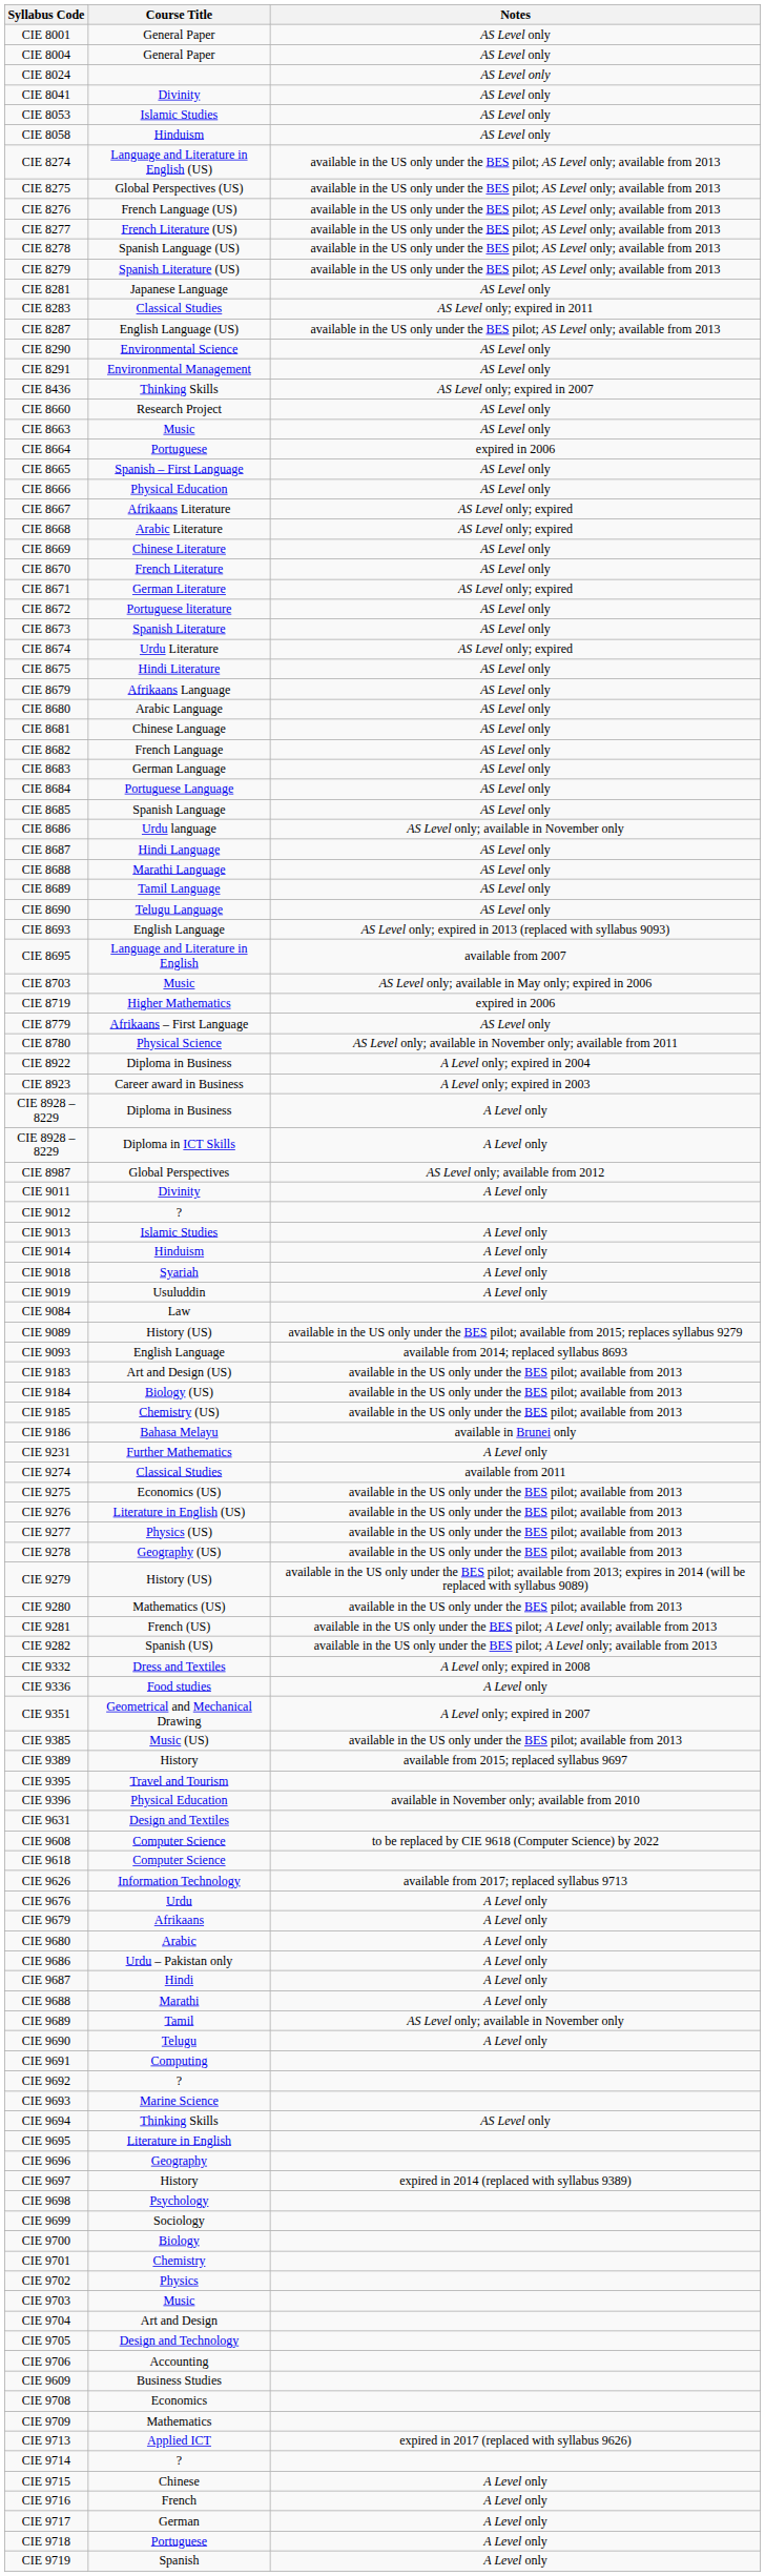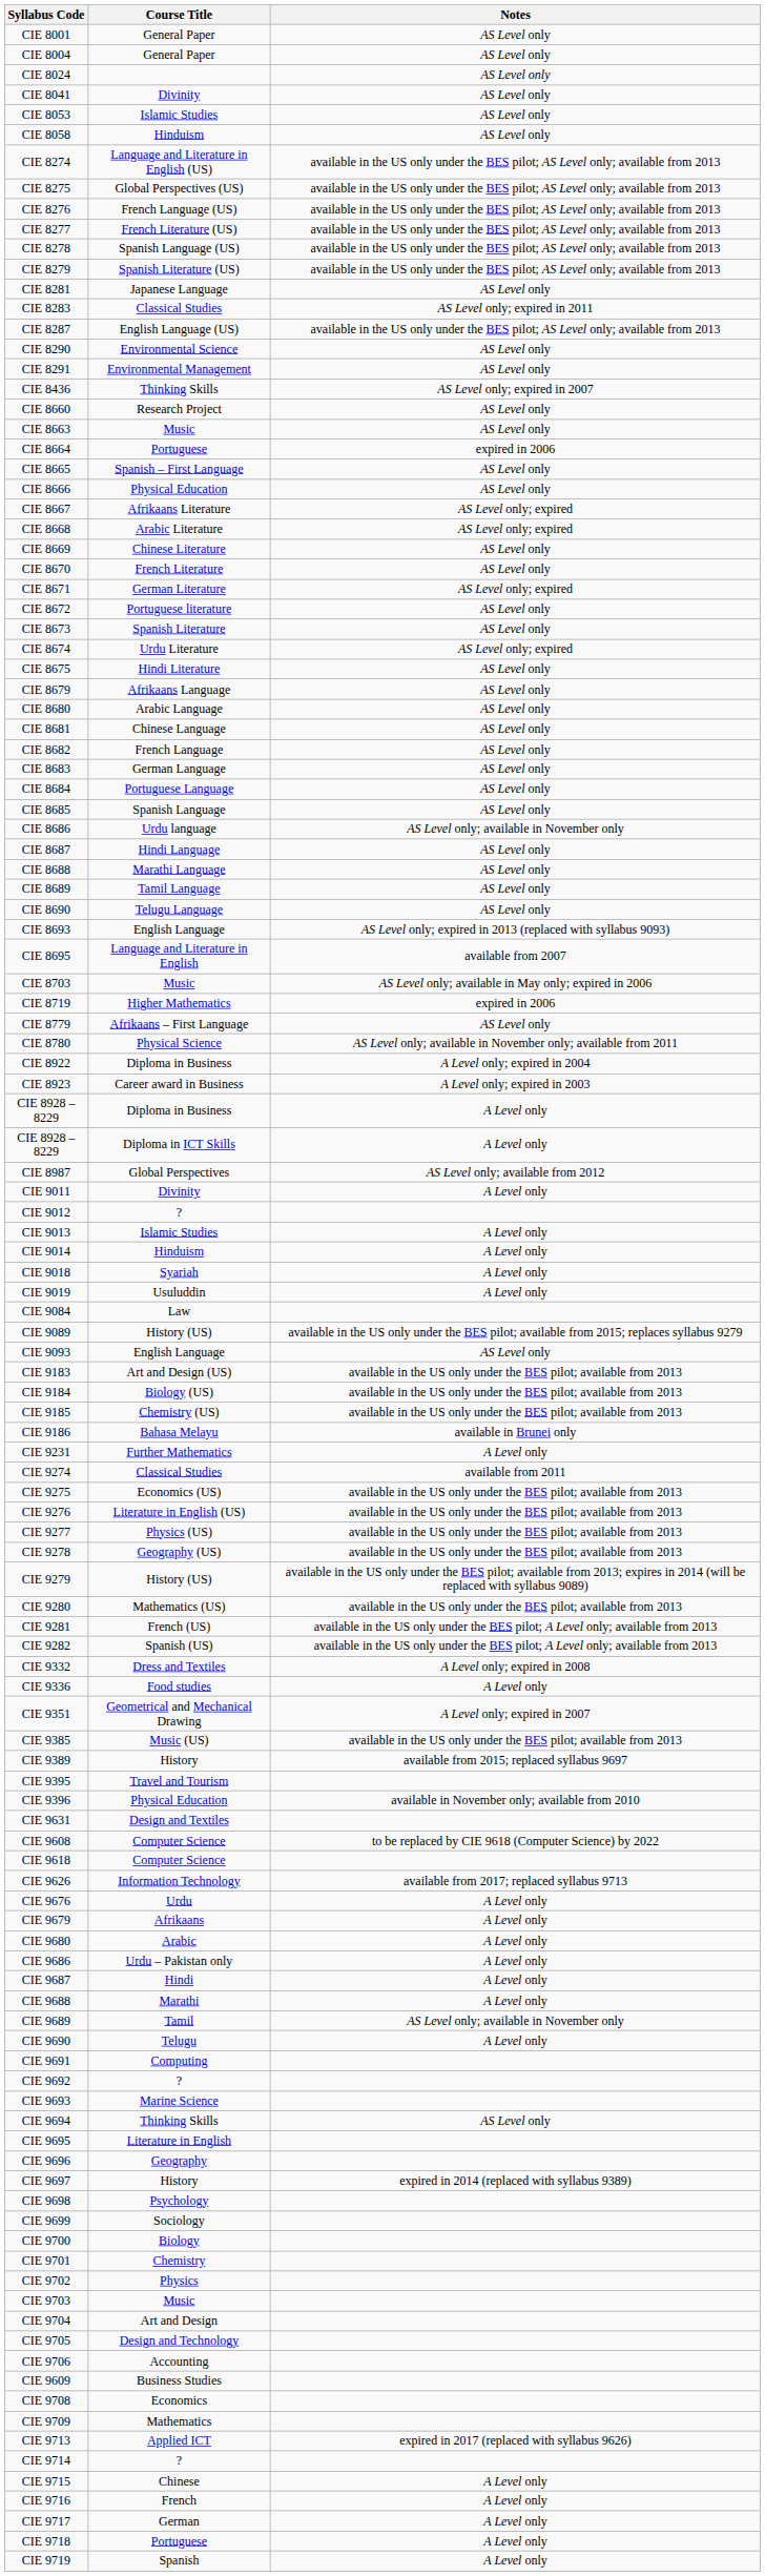 <table class="wikitable sortable" style="text-align:center; align: center; width: 60em; font-size: 100%; border: 2">
 <tr>
 <th>Syllabus Code</th>
 <th>Course Title</th>
 <th>Notes</th>
 </tr>
 <tr>
 <td>CIE 8001</td>
 <td>General Paper</td>
 <td><em>AS Level</em> only</td>
 </tr>
 <tr>
 <td>CIE 8004</td>
 <td>General Paper</td>
 <td><em>AS Level</em> only</td>
 </tr>
 <tr>
 <td>CIE 8024</td>
 <td></td>
 <td><em>AS Level only</em></td>
 </tr>
 <tr>
 <td>CIE 8041</td>
 <td><a href='#'>Divinity</a></td>
 <td><em>AS Level</em> only</td>
 </tr>
 <tr>
 <td>CIE 8053</td>
 <td><a href='#'>Islamic Studies</a></td>
 <td><em>AS Level</em> only</td>
 </tr>
 <tr>
 <td>CIE 8058</td>
 <td><a href='#'>Hinduism</a></td>
 <td><em>AS Level</em> only</td>
 </tr>
 <tr>
 <td>CIE 8274</td>
 <td><a href='#'>Language and Literature in English</a> (US)</td>
 <td>available in the US only under the <a href='#'>BES</a> pilot; <em>AS Level</em> only; available from 2013</td>
 </tr>
 <tr>
 <td>CIE 8275</td>
 <td>Global Perspectives (US)</td>
 <td>available in the US only under the <a href='#'>BES</a> pilot; <em>AS Level</em> only; available from 2013</td>
 </tr>
 <tr>
 <td>CIE 8276</td>
 <td>French Language (US)</td>
 <td>available in the US only under the <a href='#'>BES</a> pilot; <em>AS Level</em> only; available from 2013</td>
 </tr>
 <tr>
 <td>CIE 8277</td>
 <td><a href='#'>French Literature</a> (US)</td>
 <td>available in the US only under the <a href='#'>BES</a> pilot; <em>AS Level</em> only; available from 2013</td>
 </tr>
 <tr>
 <td>CIE 8278</td>
 <td>Spanish Language (US)</td>
 <td>available in the US only under the <a href='#'>BES</a> pilot; <em>AS Level</em> only; available from 2013</td>
 </tr>
 <tr>
 <td>CIE 8279</td>
 <td><a href='#'>Spanish Literature</a> (US)</td>
 <td>available in the US only under the <a href='#'>BES</a> pilot; <em>AS Level</em> only; available from 2013</td>
 </tr>
 <tr>
 <td>CIE 8281</td>
 <td>Japanese Language</td>
 <td><em>AS Level</em> only</td>
 </tr>
 <tr>
 <td>CIE 8283</td>
 <td><a href='#'>Classical Studies</a></td>
 <td><em>AS Level</em> only; expired in 2011</td>
 </tr>
 <tr>
 <td>CIE 8287</td>
 <td>English Language (US)</td>
 <td>available in the US only under the <a href='#'>BES</a> pilot; <em>AS Level</em> only; available from 2013</td>
 </tr>
 <tr>
 <td>CIE 8290</td>
 <td><a href='#'>Environmental Science</a></td>
 <td><em>AS Level</em> only</td>
 </tr>
 <tr>
 <td>CIE 8291</td>
 <td><a href='#'>Environmental Management</a></td>
 <td><em>AS Level</em> only</td>
 </tr>
 <tr>
 <td>CIE 8436</td>
 <td><a href='#'>Thinking</a> Skills</td>
 <td><em>AS Level</em> only; expired in 2007</td>
 </tr>
 <tr>
 <td>CIE 8660</td>
 <td>Research Project</td>
 <td><em>AS Level</em> only</td>
 </tr>
 <tr>
 <td>CIE 8663</td>
 <td><a href='#'>Music</a></td>
 <td><em>AS Level</em> only</td>
 </tr>
 <tr>
 <td>CIE 8664</td>
 <td><a href='#'>Portuguese</a></td>
 <td>expired in 2006</td>
 </tr>
 <tr>
 <td>CIE 8665</td>
 <td><a href='#'>Spanish – First Language</a></td>
 <td><em>AS Level</em> only</td>
 </tr>
 <tr>
 <td>CIE 8666</td>
 <td><a href='#'>Physical Education</a></td>
 <td><em>AS Level</em> only</td>
 </tr>
 <tr>
 <td>CIE 8667</td>
 <td><a href='#'>Afrikaans</a> Literature</td>
 <td><em>AS Level</em> only; expired</td>
 </tr>
 <tr>
 <td>CIE 8668</td>
 <td><a href='#'>Arabic</a> Literature</td>
 <td><em>AS Level</em> only; expired</td>
 </tr>
 <tr>
 <td>CIE 8669</td>
 <td><a href='#'>Chinese Literature</a></td>
 <td><em>AS Level</em> only</td>
 </tr>
 <tr>
 <td>CIE 8670</td>
 <td><a href='#'>French Literature</a></td>
 <td><em>AS Level</em> only</td>
 </tr>
 <tr>
 <td>CIE 8671</td>
 <td><a href='#'>German Literature</a></td>
 <td><em>AS Level</em> only; expired</td>
 </tr>
 <tr>
 <td>CIE 8672</td>
 <td><a href='#'>Portuguese literature</a></td>
 <td><em>AS Level</em> only</td>
 </tr>
 <tr>
 <td>CIE 8673</td>
 <td><a href='#'>Spanish Literature</a></td>
 <td><em>AS Level</em> only</td>
 </tr>
 <tr>
 <td>CIE 8674</td>
 <td><a href='#'>Urdu</a> Literature</td>
 <td><em>AS Level</em> only; expired</td>
 </tr>
 <tr>
 <td>CIE 8675</td>
 <td><a href='#'>Hindi Literature</a></td>
 <td><em>AS Level</em> only</td>
 </tr>
 <tr>
 <td>CIE 8679</td>
 <td><a href='#'>Afrikaans</a> Language</td>
 <td><em>AS Level</em> only</td>
 </tr>
 <tr>
 <td>CIE 8680</td>
 <td>Arabic Language</td>
 <td><em>AS Level</em> only</td>
 </tr>
 <tr>
 <td>CIE 8681</td>
 <td>Chinese Language</td>
 <td><em>AS Level</em> only</td>
 </tr>
 <tr>
 <td>CIE 8682</td>
 <td>French Language</td>
 <td><em>AS Level</em> only</td>
 </tr>
 <tr>
 <td>CIE 8683</td>
 <td>German Language</td>
 <td><em>AS Level</em> only</td>
 </tr>
 <tr>
 <td>CIE 8684</td>
 <td><a href='#'>Portuguese Language</a></td>
 <td><em>AS Level</em> only</td>
 </tr>
 <tr>
 <td>CIE 8685</td>
 <td>Spanish Language</td>
 <td><em>AS Level</em> only</td>
 </tr>
 <tr>
 <td>CIE 8686</td>
 <td><a href='#'>Urdu</a> language</td>
 <td><em>AS Level</em> only; available in November only</td>
 </tr>
 <tr>
 <td>CIE 8687</td>
 <td><a href='#'>Hindi Language</a></td>
 <td><em>AS Level</em> only</td>
 </tr>
 <tr>
 <td>CIE 8688</td>
 <td><a href='#'>Marathi Language</a></td>
 <td><em>AS Level</em> only</td>
 </tr>
 <tr>
 <td>CIE 8689</td>
 <td><a href='#'>Tamil Language</a></td>
 <td><em>AS Level</em> only</td>
 </tr>
 <tr>
 <td>CIE 8690</td>
 <td><a href='#'>Telugu Language</a></td>
 <td><em>AS Level</em> only</td>
 </tr>
 <tr>
 <td>CIE 8693</td>
 <td>English Language</td>
 <td><em>AS Level</em> only; expired in 2013 (replaced with syllabus 9093)</td>
 </tr>
 <tr>
 <td>CIE 8695</td>
 <td><a href='#'>Language and Literature in English</a></td>
 <td>available from 2007</td>
 </tr>
 <tr>
 <td>CIE 8703</td>
 <td><a href='#'>Music</a></td>
 <td><em>AS Level</em> only; available in May only; expired in 2006</td>
 </tr>
 <tr>
 <td>CIE 8719</td>
 <td><a href='#'>Higher Mathematics</a></td>
 <td>expired in 2006</td>
 </tr>
 <tr>
 <td>CIE 8779</td>
 <td><a href='#'>Afrikaans</a> – First Language</td>
 <td><em>AS Level</em> only</td>
 </tr>
 <tr>
 <td>CIE 8780</td>
 <td><a href='#'>Physical Science</a></td>
 <td><em>AS Level</em> only; available in November only; available from 2011</td>
 </tr>
 <tr>
 <td>CIE 8922</td>
 <td>Diploma in Business</td>
 <td><em>A Level</em> only; expired in 2004</td>
 </tr>
 <tr>
 <td>CIE 8923</td>
 <td>Career award in Business</td>
 <td><em>A Level</em> only; expired in 2003</td>
 </tr>
 <tr>
 <td>CIE 8928 – 8229</td>
 <td>Diploma in Business</td>
 <td><em>A Level</em> only</td>
 </tr>
 <tr>
 <td>CIE 8928 – 8229</td>
 <td>Diploma in <a href='#'>ICT Skills</a></td>
 <td><em>A Level</em> only</td>
 </tr>
 <tr>
 <td>CIE 8987</td>
 <td>Global Perspectives</td>
 <td><em>AS Level</em> only; available from 2012</td>
 </tr>
 <tr>
 <td>CIE 9011</td>
 <td><a href='#'>Divinity</a></td>
 <td><em>A Level</em> only</td>
 </tr>
 <tr>
 <td>CIE 9012</td>
 <td>?</td>
 <td></td>
 </tr>
 <tr>
 <td>CIE 9013</td>
 <td><a href='#'>Islamic Studies</a></td>
 <td><em>A Level</em> only</td>
 </tr>
 <tr>
 <td>CIE 9014</td>
 <td><a href='#'>Hinduism</a></td>
 <td><em>A Level</em> only</td>
 </tr>
 <tr>
 <td>CIE 9018</td>
 <td><a href='#'>Syariah</a></td>
 <td><em>A Level</em> only</td>
 </tr>
 <tr>
 <td>CIE 9019</td>
 <td>Usuluddin</td>
 <td><em>A Level</em> only</td>
 </tr>
 <tr>
 <td>CIE 9084</td>
 <td>Law</td>
 <td></td>
 </tr>
 <tr>
 <td>CIE 9089</td>
 <td>History (US)</td>
 <td>available in the US only under the <a href='#'>BES</a> pilot; available from 2015; replaces syllabus 9279</td>
 </tr>
 <tr>
 <td>CIE 9093</td>
 <td>English Language</td>
-<td>available from 2014; replaced syllabus 8693</td>
+<td><em>AS Level</em> only</td>
 </tr>
 <tr>
 <td>CIE 9183</td>
 <td>Art and Design (US)</td>
 <td>available in the US only under the <a href='#'>BES</a> pilot; available from 2013</td>
 </tr>
 <tr>
 <td>CIE 9184</td>
 <td><a href='#'>Biology</a> (US)</td>
 <td>available in the US only under the <a href='#'>BES</a> pilot; available from 2013</td>
 </tr>
 <tr>
 <td>CIE 9185</td>
 <td><a href='#'>Chemistry</a> (US)</td>
 <td>available in the US only under the <a href='#'>BES</a> pilot; available from 2013</td>
 </tr>
 <tr>
 <td>CIE 9186</td>
 <td><a href='#'>Bahasa Melayu</a></td>
 <td>available in <a href='#'>Brunei</a> only</td>
 </tr>
 <tr>
 <td>CIE 9231</td>
 <td><a href='#'>Further Mathematics</a></td>
 <td><em>A Level</em> only</td>
 </tr>
 <tr>
 <td>CIE 9274</td>
 <td><a href='#'>Classical Studies</a></td>
 <td>available from 2011</td>
 </tr>
 <tr>
 <td>CIE 9275</td>
 <td>Economics (US)</td>
 <td>available in the US only under the <a href='#'>BES</a> pilot; available from 2013</td>
 </tr>
 <tr>
 <td>CIE 9276</td>
 <td><a href='#'>Literature in English</a> (US)</td>
 <td>available in the US only under the <a href='#'>BES</a> pilot; available from 2013</td>
 </tr>
 <tr>
 <td>CIE 9277</td>
 <td><a href='#'>Physics</a> (US)</td>
 <td>available in the US only under the <a href='#'>BES</a> pilot; available from 2013</td>
 </tr>
 <tr>
 <td>CIE 9278</td>
 <td><a href='#'>Geography</a> (US)</td>
 <td>available in the US only under the <a href='#'>BES</a> pilot; available from 2013</td>
 </tr>
 <tr>
 <td>CIE 9279</td>
 <td>History (US)</td>
 <td>available in the US only under the <a href='#'>BES</a> pilot; available from 2013; expires in 2014 (will be replaced with syllabus 9089)</td>
 </tr>
 <tr>
 <td>CIE 9280</td>
 <td>Mathematics (US)</td>
 <td>available in the US only under the <a href='#'>BES</a> pilot; available from 2013</td>
 </tr>
 <tr>
 <td>CIE 9281</td>
 <td>French (US)</td>
 <td>available in the US only under the <a href='#'>BES</a> pilot; <em>A Level</em> only; available from 2013</td>
 </tr>
 <tr>
 <td>CIE 9282</td>
 <td>Spanish (US)</td>
 <td>available in the US only under the <a href='#'>BES</a> pilot; <em>A Level</em> only; available from 2013</td>
 </tr>
 <tr>
 <td>CIE 9332</td>
 <td><a href='#'>Dress and Textiles</a></td>
 <td><em>A Level</em> only; expired in 2008</td>
 </tr>
 <tr>
 <td>CIE 9336</td>
 <td><a href='#'>Food studies</a></td>
 <td><em>A Level</em> only</td>
 </tr>
 <tr>
 <td>CIE 9351</td>
 <td><a href='#'>Geometrical</a> and <a href='#'>Mechanical</a> Drawing</td>
 <td><em>A Level</em> only; expired in 2007</td>
 </tr>
 <tr>
 <td>CIE 9385</td>
 <td><a href='#'>Music</a> (US)</td>
 <td>available in the US only under the <a href='#'>BES</a> pilot; available from 2013</td>
 </tr>
 <tr>
 <td>CIE 9389</td>
 <td>History</td>
 <td>available from 2015; replaced syllabus 9697</td>
 </tr>
 <tr>
 <td>CIE 9395</td>
 <td><a href='#'>Travel and Tourism</a></td>
 <td></td>
 </tr>
 <tr>
 <td>CIE 9396</td>
 <td><a href='#'>Physical Education</a></td>
 <td>available in November only; available from 2010</td>
 </tr>
 <tr>
 <td>CIE 9631</td>
 <td><a href='#'>Design and Textiles</a></td>
 <td></td>
 </tr>
 <tr>
 <td>CIE 9608</td>
 <td><a href='#'>Computer Science</a></td>
 <td>to be replaced by CIE 9618 (Computer Science) by 2022</td>
 </tr>
 <tr>
 <td>CIE 9618</td>
 <td><a href='#'>Computer Science</a></td>
 <td></td>
 </tr>
 <tr>
 <td>CIE 9626</td>
 <td><a href='#'>Information Technology</a></td>
 <td>available from 2017; replaced syllabus 9713</td>
 </tr>
 <tr>
 <td>CIE 9676</td>
 <td><a href='#'>Urdu</a></td>
 <td><em>A Level</em> only</td>
 </tr>
 <tr>
 <td>CIE 9679</td>
 <td><a href='#'>Afrikaans</a></td>
 <td><em>A Level</em> only</td>
 </tr>
 <tr>
 <td>CIE 9680</td>
 <td><a href='#'>Arabic</a></td>
 <td><em>A Level</em> only</td>
 </tr>
 <tr>
 <td>CIE 9686</td>
 <td><a href='#'>Urdu</a> – Pakistan only</td>
 <td><em>A Level</em> only</td>
 </tr>
 <tr>
 <td>CIE 9687</td>
 <td><a href='#'>Hindi</a></td>
 <td><em>A Level</em> only</td>
 </tr>
 <tr>
 <td>CIE 9688</td>
 <td><a href='#'>Marathi</a></td>
 <td><em>A Level</em> only</td>
 </tr>
 <tr>
 <td>CIE 9689</td>
 <td><a href='#'>Tamil</a></td>
 <td><em>AS Level</em> only; available in November only</td>
 </tr>
 <tr>
 <td>CIE 9690</td>
 <td><a href='#'>Telugu</a></td>
 <td><em>A Level</em> only</td>
 </tr>
 <tr>
 <td>CIE 9691</td>
 <td><a href='#'>Computing</a></td>
 <td></td>
 </tr>
 <tr>
 <td>CIE 9692</td>
 <td>?</td>
 <td></td>
 </tr>
 <tr>
 <td>CIE 9693</td>
 <td><a href='#'>Marine Science</a></td>
 <td></td>
 </tr>
 <tr>
 <td>CIE 9694</td>
 <td><a href='#'>Thinking</a> Skills</td>
 <td><em>AS Level</em> only</td>
 </tr>
 <tr>
 <td>CIE 9695</td>
 <td><a href='#'>Literature in English</a></td>
 <td></td>
 </tr>
 <tr>
 <td>CIE 9696</td>
 <td><a href='#'>Geography</a></td>
 <td></td>
 </tr>
 <tr>
 <td>CIE 9697</td>
 <td>History</td>
 <td>expired in 2014 (replaced with syllabus 9389)</td>
 </tr>
 <tr>
 <td>CIE 9698</td>
 <td><a href='#'>Psychology</a></td>
 <td></td>
 </tr>
 <tr>
 <td>CIE 9699</td>
 <td>Sociology</td>
 <td></td>
 </tr>
 <tr>
 <td>CIE 9700</td>
 <td><a href='#'>Biology</a></td>
 <td></td>
 </tr>
 <tr>
 <td>CIE 9701</td>
 <td><a href='#'>Chemistry</a></td>
 <td></td>
 </tr>
 <tr>
 <td>CIE 9702</td>
 <td><a href='#'>Physics</a></td>
 <td></td>
 </tr>
 <tr>
 <td>CIE 9703</td>
 <td><a href='#'>Music</a></td>
 <td></td>
 </tr>
 <tr>
 <td>CIE 9704</td>
 <td>Art and Design</td>
 <td></td>
 </tr>
 <tr>
 <td>CIE 9705</td>
 <td><a href='#'>Design and Technology</a></td>
 <td></td>
 </tr>
 <tr>
 <td>CIE 9706</td>
 <td>Accounting</td>
 <td></td>
 </tr>
 <tr>
 <td>CIE 9609</td>
 <td>Business Studies</td>
 <td></td>
 </tr>
 <tr>
 <td>CIE 9708</td>
 <td>Economics</td>
 <td></td>
 </tr>
 <tr>
 <td>CIE 9709</td>
 <td>Mathematics</td>
 <td></td>
 </tr>
 <tr>
 <td>CIE 9713</td>
 <td><a href='#'>Applied ICT</a></td>
 <td>expired in 2017 (replaced with syllabus 9626)</td>
 </tr>
 <tr>
 <td>CIE 9714</td>
 <td>?</td>
 <td></td>
 </tr>
 <tr>
 <td>CIE 9715</td>
 <td>Chinese</td>
 <td><em>A Level</em> only</td>
 </tr>
 <tr>
 <td>CIE 9716</td>
 <td>French</td>
 <td><em>A Level</em> only</td>
 </tr>
 <tr>
 <td>CIE 9717</td>
 <td>German</td>
 <td><em>A Level</em> only</td>
 </tr>
 <tr>
 <td>CIE 9718</td>
 <td><a href='#'>Portuguese</a></td>
 <td><em>A Level</em> only</td>
 </tr>
 <tr>
 <td>CIE 9719</td>
 <td>Spanish</td>
 <td><em>A Level</em> only</td>
 </tr>
 </table>
